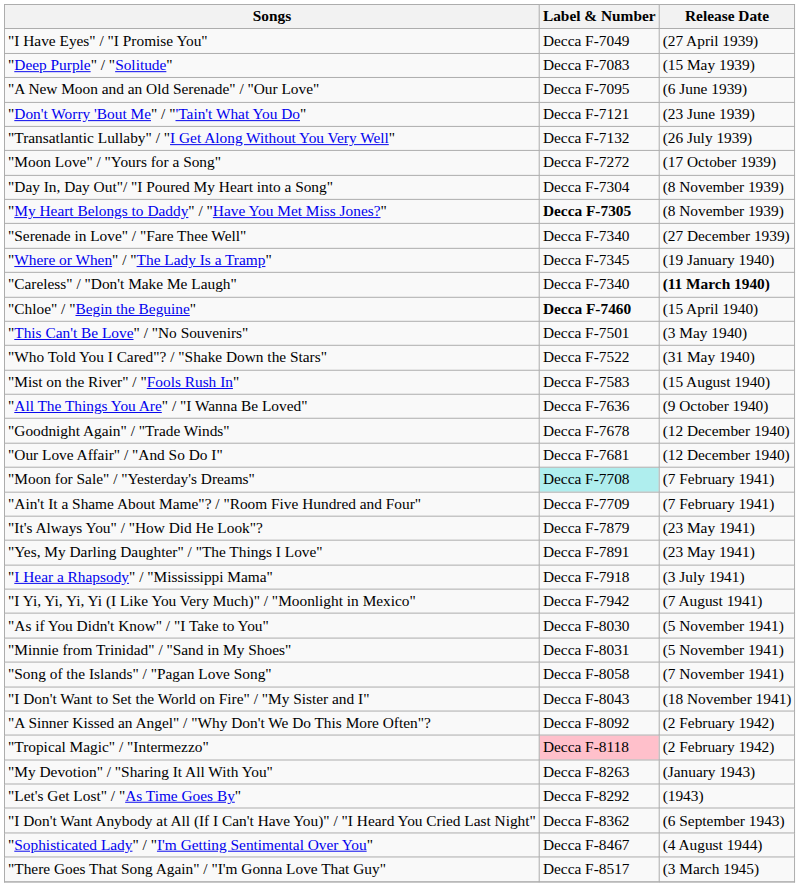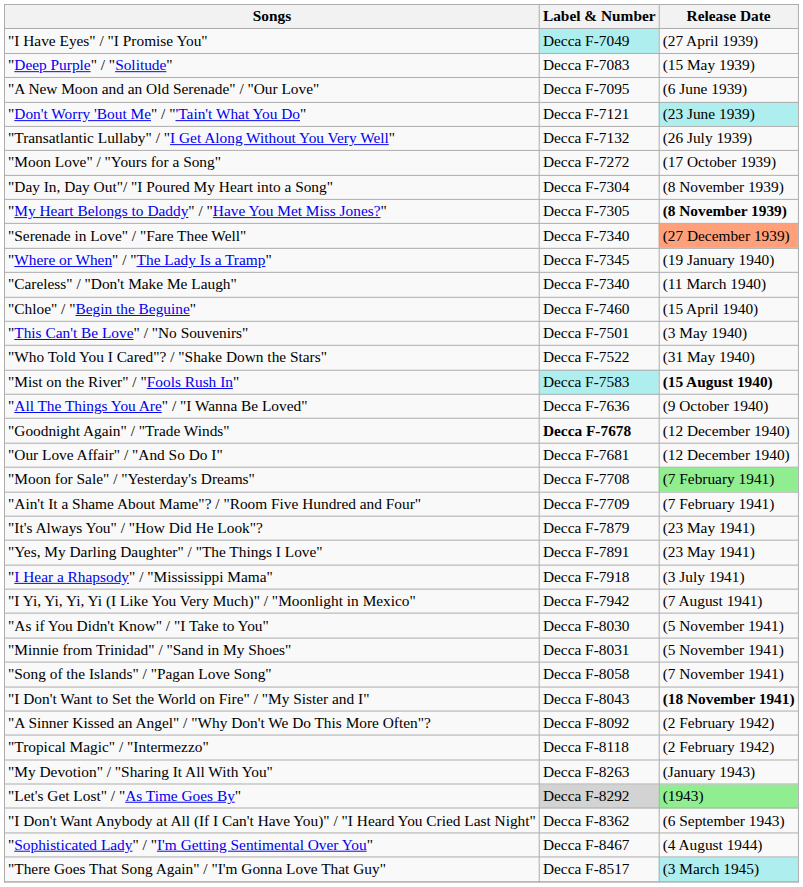 <table class="wikitable sortable" border="1" |}>
 <tr>
 <th>Songs</th>
 <th>Label & Number</th>
 <th>Release Date</th>
 </tr>
 <tr>
 <td>"I Have Eyes" / "I Promise You"</td>
-<td>Decca F-7049</td>
+<td style="background: paleturquoise;">Decca F-7049</td>
 <td>(27 April 1939)</td>
 </tr>
 <tr>
 <td>"<a href='#'>Deep Purple</a>" / "<a href='#'>Solitude</a>"</td>
 <td>Decca F-7083</td>
 <td>(15 May 1939)</td>
 </tr>
 <tr>
 <td>"A New Moon and an Old Serenade" / "Our Love"</td>
 <td>Decca F-7095</td>
 <td>(6 June 1939)</td>
 </tr>
 <tr>
 <td>"<a href='#'>Don't Worry 'Bout Me</a>" / "<a href='#'>'Tain't What You Do</a>"</td>
 <td>Decca F-7121</td>
-<td>(23 June 1939)</td>
+<td style="background: paleturquoise;">(23 June 1939)</td>
 </tr>
 <tr>
 <td>"Transatlantic Lullaby" / "<a href='#'>I Get Along Without You Very Well</a>"</td>
 <td>Decca F-7132</td>
 <td>(26 July 1939)</td>
 </tr>
 <tr>
 <td>"Moon Love" / "Yours for a Song"</td>
 <td>Decca F-7272</td>
 <td>(17 October 1939)</td>
 </tr>
 <tr>
 <td>"Day In, Day Out"/ "I Poured My Heart into a Song"</td>
 <td>Decca F-7304</td>
 <td>(8 November 1939)</td>
 </tr>
 <tr>
 <td>"<a href='#'>My Heart Belongs to Daddy</a>" / "<a href='#'>Have You Met Miss Jones?</a>"</td>
-<td><strong>Decca F-7305</strong></td>
-<td>(8 November 1939)</td>
+<td>Decca F-7305</td>
+<td><strong>(8 November 1939)</strong></td>
 </tr>
 <tr>
 <td>"Serenade in Love" / "Fare Thee Well"</td>
 <td>Decca F-7340</td>
-<td>(27 December 1939)</td>
+<td style="background: lightsalmon;">(27 December 1939)</td>
 </tr>
 <tr>
 <td>"<a href='#'>Where or When</a>" / "<a href='#'>The Lady Is a Tramp</a>"</td>
 <td>Decca F-7345</td>
 <td>(19 January 1940)</td>
 </tr>
 <tr>
 <td>"Careless" / "Don't Make Me Laugh"</td>
 <td>Decca F-7340</td>
-<td><strong>(11 March 1940)</strong></td>
+<td>(11 March 1940)</td>
 </tr>
 <tr>
 <td>"Chloe" / "<a href='#'>Begin the Beguine</a>"</td>
-<td><strong>Decca F-7460</strong></td>
+<td>Decca F-7460</td>
 <td>(15 April 1940)</td>
 </tr>
 <tr>
 <td>"<a href='#'>This Can't Be Love</a>" / "No Souvenirs"</td>
 <td>Decca F-7501</td>
 <td>(3 May 1940)</td>
 </tr>
 <tr>
 <td>"Who Told You I Cared"? / "Shake Down the Stars"</td>
 <td>Decca F-7522</td>
 <td>(31 May 1940)</td>
 </tr>
 <tr>
 <td>"Mist on the River" / "<a href='#'>Fools Rush In</a>"</td>
-<td>Decca F-7583</td>
-<td>(15 August 1940)</td>
+<td style="background: paleturquoise;">Decca F-7583</td>
+<td><strong>(15 August 1940)</strong></td>
 </tr>
 <tr>
 <td>"<a href='#'>All The Things You Are</a>" / "I Wanna Be Loved"</td>
 <td>Decca F-7636</td>
 <td>(9 October 1940)</td>
 </tr>
 <tr>
 <td>"Goodnight Again" / "Trade Winds"</td>
-<td>Decca F-7678</td>
+<td><strong>Decca F-7678</strong></td>
 <td>(12 December 1940)</td>
 </tr>
 <tr>
 <td>"Our Love Affair" / "And So Do I"</td>
 <td>Decca F-7681</td>
 <td>(12 December 1940)</td>
 </tr>
 <tr>
 <td>"Moon for Sale" / "Yesterday's Dreams"</td>
-<td style="background: paleturquoise;">Decca F-7708</td>
-<td>(7 February 1941)</td>
+<td>Decca F-7708</td>
+<td style="background: lightgreen;">(7 February 1941)</td>
 </tr>
 <tr>
 <td>"Ain't It a Shame About Mame"? / "Room Five Hundred and Four"</td>
 <td>Decca F-7709</td>
 <td>(7 February 1941)</td>
 </tr>
 <tr>
 <td>"It's Always You" / "How Did He Look"?</td>
 <td>Decca F-7879</td>
 <td>(23 May 1941)</td>
 </tr>
 <tr>
 <td>"Yes, My Darling Daughter" / "The Things I Love"</td>
 <td>Decca F-7891</td>
 <td>(23 May 1941)</td>
 </tr>
 <tr>
 <td>"<a href='#'>I Hear a Rhapsody</a>" / "Mississippi Mama"</td>
 <td>Decca F-7918</td>
 <td>(3 July 1941)</td>
 </tr>
 <tr>
 <td>"I Yi, Yi, Yi, Yi (I Like You Very Much)" / "Moonlight in Mexico"</td>
 <td>Decca F-7942</td>
 <td>(7 August 1941)</td>
 </tr>
 <tr>
 <td>"As if You Didn't Know" / "I Take to You"</td>
 <td>Decca F-8030</td>
 <td>(5 November 1941)</td>
 </tr>
 <tr>
 <td>"Minnie from Trinidad" / "Sand in My Shoes"</td>
 <td>Decca F-8031</td>
 <td>(5 November 1941)</td>
 </tr>
 <tr>
 <td>"Song of the Islands" / "Pagan Love Song"</td>
 <td>Decca F-8058</td>
 <td>(7 November 1941)</td>
 </tr>
 <tr>
 <td>"I Don't Want to Set the World on Fire" / "My Sister and I"</td>
 <td>Decca F-8043</td>
-<td>(18 November 1941)</td>
+<td><strong>(18 November 1941)</strong></td>
 </tr>
 <tr>
 <td>"A Sinner Kissed an Angel" / "Why Don't We Do This More Often"?</td>
 <td>Decca F-8092</td>
 <td>(2 February 1942)</td>
 </tr>
 <tr>
 <td>"Tropical Magic" / "Intermezzo"</td>
-<td style="background: pink;">Decca F-8118</td>
+<td>Decca F-8118</td>
 <td>(2 February 1942)</td>
 </tr>
 <tr>
 <td>"My Devotion" / "Sharing It All With You"</td>
 <td>Decca F-8263</td>
 <td>(January 1943)</td>
 </tr>
 <tr>
 <td>"Let's Get Lost" / "<a href='#'>As Time Goes By</a>"</td>
-<td>Decca F-8292</td>
-<td>(1943)</td>
+<td style="background: lightgrey;">Decca F-8292</td>
+<td style="background: lightgreen;">(1943)</td>
 </tr>
 <tr>
 <td>"I Don't Want Anybody at All (If I Can't Have You)" / "I Heard You Cried Last Night"</td>
 <td>Decca F-8362</td>
 <td>(6 September 1943)</td>
 </tr>
 <tr>
 <td>"<a href='#'>Sophisticated Lady</a>" / "<a href='#'>I'm Getting Sentimental Over You</a>"</td>
 <td>Decca F-8467</td>
 <td>(4 August 1944)</td>
 </tr>
 <tr>
 <td>"There Goes That Song Again" / "I'm Gonna Love That Guy"</td>
 <td>Decca F-8517</td>
-<td>(3 March 1945)</td>
+<td style="background: paleturquoise;">(3 March 1945)</td>
 </tr>
 <tr>
 </tr>
 </table>
